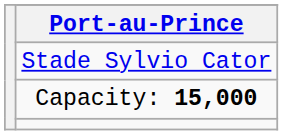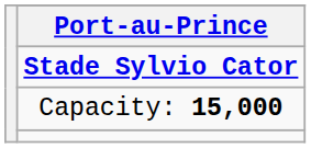 <table class="wikitable" style="text-align:center">
 <tr>
 <th rowspan="8"></th>
 </tr>
 <tr>
 <th><a href='#'>Port-au-Prince</a></th>
 </tr>
 <tr>
-<td><a href='#'>Stade Sylvio Cator</a></td>
+<td><strong><a href='#'>Stade Sylvio Cator</a></strong></td>
 </tr>
 <tr>
 <td>Capacity: <strong>15,000</strong></td>
 </tr>
 <tr>
 <td></td>
 </tr>
 </table>
